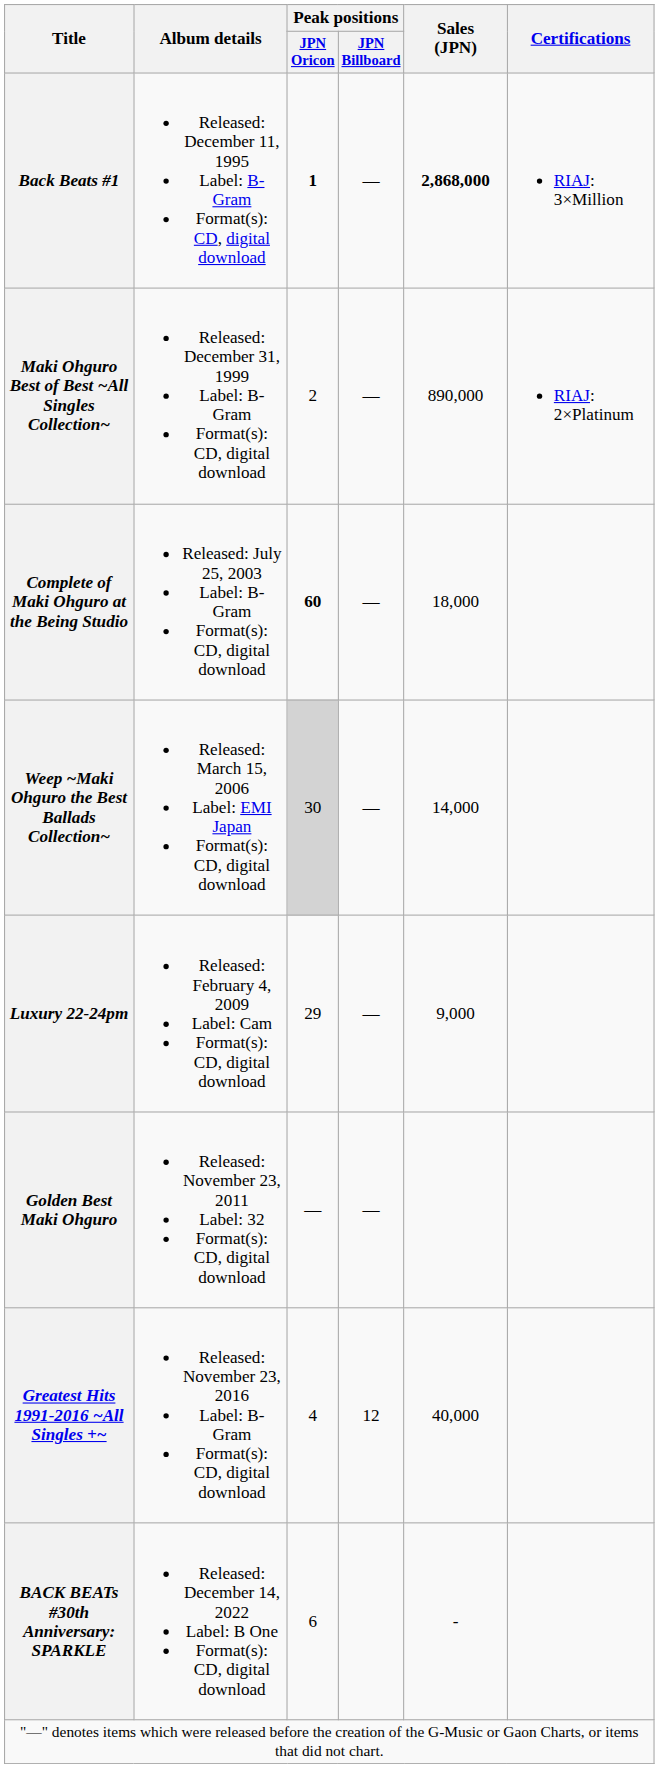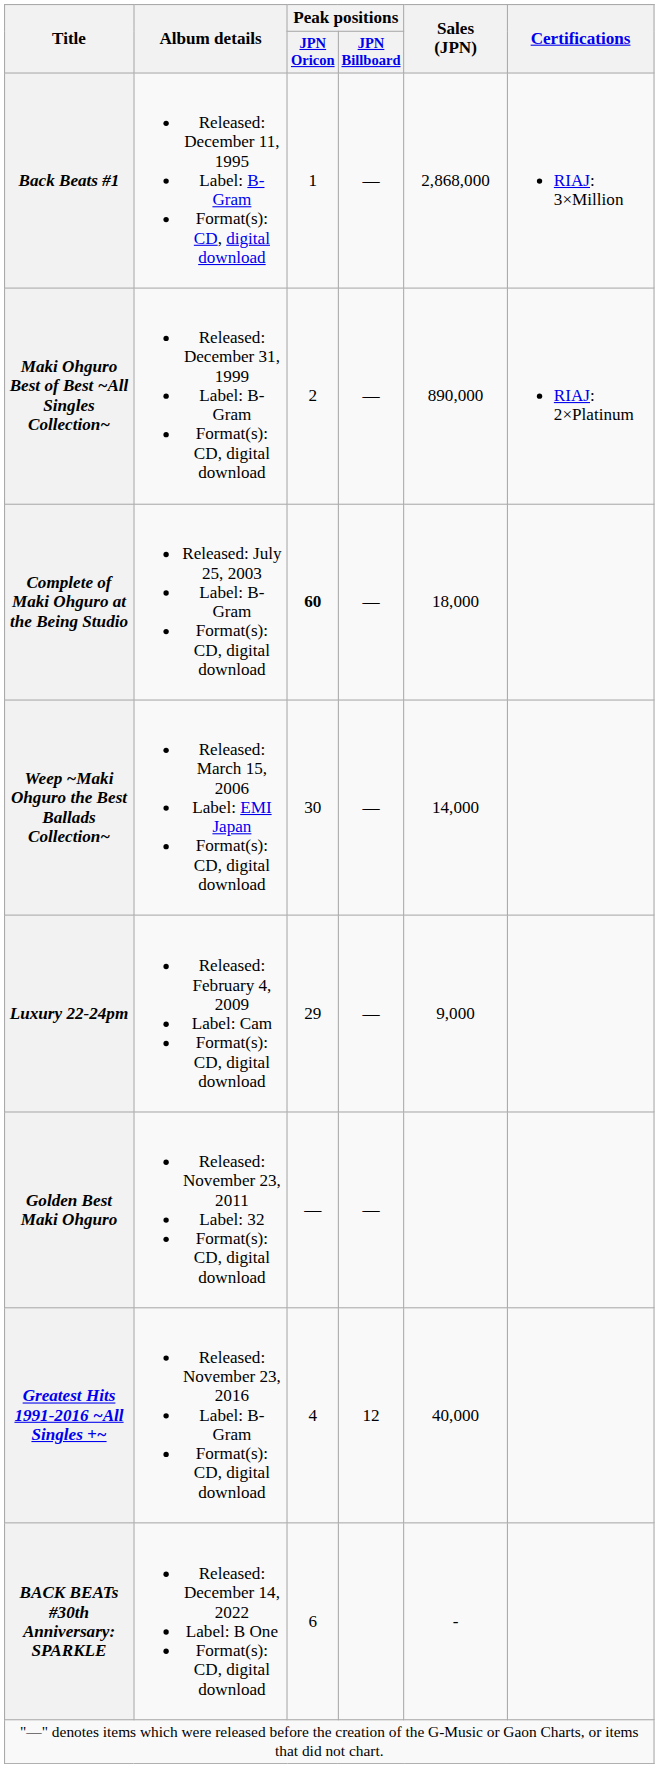 <table class="wikitable plainrowheaders" style="text-align:center;">
 <tr>
 <th style="width:14em;" rowspan="2">Title</th>
 <th style="width:16em;" rowspan="2">Album details</th>
 <th colspan="2">Peak positions</th>
 <th style="width:12em;" rowspan="2">Sales<br>(JPN)</th>
 <th style="width:12em;" rowspan="2"><a href='#'>Certifications</a></th>
 </tr>
 <tr>
 <th style="width:3em;font-size:85%"><a href='#'>JPN<br>Oricon</a><br></th>
 <th style="width:3em;font-size:85%"><a href='#'>JPN<br>Billboard</a><br></th>
 </tr>
 <tr>
 <th scope="row"><em>Back Beats #1</em></th>
 <td><br><ul><li>Released: December 11, 1995</li><li>Label: <a href='#'>B-Gram</a></li><li>Format(s): <a href='#'>CD</a>, <a href='#'>digital download</a></li></ul></td>
-<td><strong>1</strong></td>
+<td>1</td>
 <td>—</td>
-<td><strong>2,868,000</strong></td>
+<td>2,868,000</td>
 <td style="text-align:left;"><br><ul><li><a href='#'>RIAJ</a>: 3×Million</li></ul></td>
 </tr>
 <tr>
 <th scope="row"><em>Maki Ohguro Best of Best ~All Singles Collection~</em></th>
 <td><br><ul><li>Released: December 31, 1999</li><li>Label: B-Gram</li><li>Format(s): CD, digital download</li></ul></td>
 <td>2</td>
 <td>—</td>
 <td>890,000</td>
 <td style="text-align:left;"><br><ul><li><a href='#'>RIAJ</a>: 2×Platinum</li></ul></td>
 </tr>
 <tr>
 <th scope="row"><em>Complete of Maki Ohguro at the Being Studio</em></th>
 <td><br><ul><li>Released: July 25, 2003</li><li>Label: B-Gram</li><li>Format(s): CD, digital download</li></ul></td>
 <td><strong>60</strong></td>
 <td>—</td>
 <td>18,000</td>
 <td style="text-align:left;"></td>
 </tr>
 <tr>
 <th scope="row"><em>Weep ~Maki Ohguro the Best Ballads Collection~</em></th>
 <td><br><ul><li>Released: March 15, 2006</li><li>Label: <a href='#'>EMI Japan</a></li><li>Format(s): CD, digital download</li></ul></td>
-<td style="background: lightgrey;">30</td>
+<td>30</td>
 <td>—</td>
 <td>14,000</td>
 <td style="text-align:left;"></td>
 </tr>
 <tr>
 <th scope="row"><em>Luxury 22-24pm</em></th>
 <td><br><ul><li>Released: February 4, 2009</li><li>Label: Cam</li><li>Format(s): CD, digital download</li></ul></td>
 <td>29</td>
 <td>—</td>
 <td>9,000</td>
 <td style="text-align:left;"></td>
 </tr>
 <tr>
 <th scope="row"><em>Golden Best Maki Ohguro</em></th>
 <td><br><ul><li>Released: November 23, 2011</li><li>Label: 32</li><li>Format(s): CD, digital download</li></ul></td>
 <td>—</td>
 <td>—</td>
 <td></td>
 <td style="text-align:left;"></td>
 </tr>
 <tr>
 <th scope="row"><em><a href='#'>Greatest Hits 1991-2016 ~All Singles +~</a></em></th>
 <td><br><ul><li>Released: November 23, 2016</li><li>Label: B-Gram</li><li>Format(s): CD, digital download</li></ul></td>
 <td>4</td>
 <td>12</td>
 <td>40,000</td>
 <td style="text-align:left;"></td>
 </tr>
 <tr>
 <th scope="row"><em>BACK BEATs #30th Anniversary: SPARKLE</em></th>
 <td><br><ul><li>Released: December 14, 2022</li><li>Label: B One</li><li>Format(s): CD, digital download</li></ul></td>
 <td>6</td>
 <td></td>
 <td>-</td>
 <td style="text-align:left;"></td>
 </tr>
 <tr>
 <td colspan="9"  style="text-align:center; font-size:90%;">"—" denotes items which were released before the creation of the G-Music or Gaon Charts, or items that did not chart.</td>
 </tr>
 </table>
